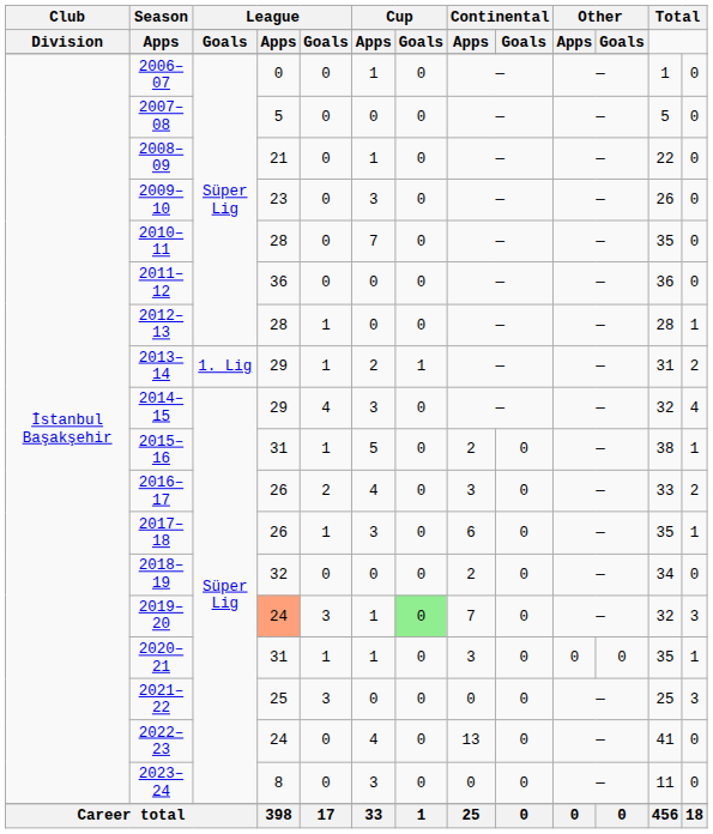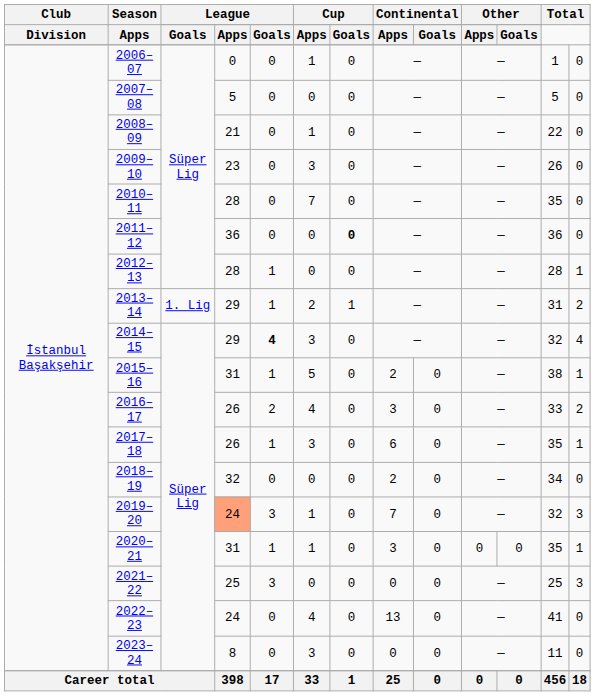 <table class="wikitable" style="text-align:center">
 <tr>
 <th rowspan="2">Club</th>
 <th rowspan="2">Season</th>
 <th colspan="3">League</th>
 <th colspan="2">Cup</th>
 <th colspan="2">Continental</th>
 <th colspan="2">Other</th>
 <th colspan="2">Total</th>
 </tr>
 <tr>
 </tr>
 <tr>
 <th>Division</th>
 <th>Apps</th>
 <th>Goals</th>
 <th>Apps</th>
 <th>Goals</th>
 <th>Apps</th>
 <th>Goals</th>
 <th>Apps</th>
 <th>Goals</th>
 <th>Apps</th>
 <th>Goals</th>
 </tr>
 <tr>
 </tr>
 <tr>
 <td rowspan="18" valign="center"><a href='#'>İstanbul Başakşehir</a></td>
 <td><a href='#'>2006–07</a></td>
 <td rowspan="7"><a href='#'>Süper Lig</a></td>
 <td>0</td>
 <td>0</td>
 <td>1</td>
 <td>0</td>
 <td colspan="2">—</td>
 <td colspan="2">—</td>
 <td>1</td>
 <td>0</td>
 </tr>
 <tr>
 <td><a href='#'>2007–08</a></td>
 <td>5</td>
 <td>0</td>
 <td>0</td>
 <td>0</td>
 <td colspan="2">—</td>
 <td colspan="2">—</td>
 <td>5</td>
 <td>0</td>
 </tr>
 <tr>
 <td><a href='#'>2008–09</a></td>
 <td>21</td>
 <td>0</td>
 <td>1</td>
 <td>0</td>
 <td colspan="2">—</td>
 <td colspan="2">—</td>
 <td>22</td>
 <td>0</td>
 </tr>
 <tr>
 <td><a href='#'>2009–10</a></td>
 <td>23</td>
 <td>0</td>
 <td>3</td>
 <td>0</td>
 <td colspan="2">—</td>
 <td colspan="2">—</td>
 <td>26</td>
 <td>0</td>
 </tr>
 <tr>
 <td><a href='#'>2010–11</a></td>
 <td>28</td>
 <td>0</td>
 <td>7</td>
 <td>0</td>
 <td colspan="2">—</td>
 <td colspan="2">—</td>
 <td>35</td>
 <td>0</td>
 </tr>
 <tr>
 <td><a href='#'>2011–12</a></td>
 <td>36</td>
 <td>0</td>
 <td>0</td>
-<td>0</td>
+<td><strong>0</strong></td>
 <td colspan="2">—</td>
 <td colspan="2">—</td>
 <td>36</td>
 <td>0</td>
 </tr>
 <tr>
 <td><a href='#'>2012–13</a></td>
 <td>28</td>
 <td>1</td>
 <td>0</td>
 <td>0</td>
 <td colspan="2">—</td>
 <td colspan="2">—</td>
 <td>28</td>
 <td>1</td>
 </tr>
 <tr>
 <td><a href='#'>2013–14</a></td>
 <td><a href='#'>1. Lig</a></td>
 <td>29</td>
 <td>1</td>
 <td>2</td>
 <td>1</td>
 <td colspan="2">—</td>
 <td colspan="2">—</td>
 <td>31</td>
 <td>2</td>
 </tr>
 <tr>
 <td><a href='#'>2014–15</a></td>
 <td rowspan="10"><a href='#'>Süper Lig</a></td>
 <td>29</td>
-<td>4</td>
+<td><strong>4</strong></td>
 <td>3</td>
 <td>0</td>
 <td colspan="2">—</td>
 <td colspan="2">—</td>
 <td>32</td>
 <td>4</td>
 </tr>
 <tr>
 <td><a href='#'>2015–16</a></td>
 <td>31</td>
 <td>1</td>
 <td>5</td>
 <td>0</td>
 <td>2</td>
 <td>0</td>
 <td colspan="2">—</td>
 <td>38</td>
 <td>1</td>
 </tr>
 <tr>
 <td><a href='#'>2016–17</a></td>
 <td>26</td>
 <td>2</td>
 <td>4</td>
 <td>0</td>
 <td>3</td>
 <td>0</td>
 <td colspan="2">—</td>
 <td>33</td>
 <td>2</td>
 </tr>
 <tr>
 <td><a href='#'>2017–18</a></td>
 <td>26</td>
 <td>1</td>
 <td>3</td>
 <td>0</td>
 <td>6</td>
 <td>0</td>
 <td colspan="2">—</td>
 <td>35</td>
 <td>1</td>
 </tr>
 <tr>
 <td><a href='#'>2018–19</a></td>
 <td>32</td>
 <td>0</td>
 <td>0</td>
 <td>0</td>
 <td>2</td>
 <td>0</td>
 <td colspan="2">—</td>
 <td>34</td>
 <td>0</td>
 </tr>
 <tr>
 <td><a href='#'>2019–20</a></td>
 <td style="background: lightsalmon;">24</td>
 <td>3</td>
 <td>1</td>
-<td style="background: lightgreen;">0</td>
+<td>0</td>
 <td>7</td>
 <td>0</td>
 <td colspan="2">—</td>
 <td>32</td>
 <td>3</td>
 </tr>
 <tr>
 <td><a href='#'>2020–21</a></td>
 <td>31</td>
 <td>1</td>
 <td>1</td>
 <td>0</td>
 <td>3</td>
 <td>0</td>
 <td>0</td>
 <td>0</td>
 <td>35</td>
 <td>1</td>
 </tr>
 <tr>
 <td><a href='#'>2021–22</a></td>
 <td>25</td>
 <td>3</td>
 <td>0</td>
 <td>0</td>
 <td>0</td>
 <td>0</td>
 <td colspan="2">—</td>
 <td>25</td>
 <td>3</td>
 </tr>
 <tr>
 <td><a href='#'>2022–23</a></td>
 <td>24</td>
 <td>0</td>
 <td>4</td>
 <td>0</td>
 <td>13</td>
 <td>0</td>
 <td colspan="2">—</td>
 <td>41</td>
 <td>0</td>
 </tr>
 <tr>
 <td><a href='#'>2023–24</a></td>
 <td>8</td>
 <td>0</td>
 <td>3</td>
 <td>0</td>
 <td>0</td>
 <td>0</td>
 <td colspan="2">—</td>
 <td>11</td>
 <td>0</td>
 </tr>
 <tr>
 </tr>
 <tr>
 <th colspan=3>Career total</th>
 <th>398</th>
 <th>17</th>
 <th>33</th>
 <th>1</th>
 <th>25</th>
 <th>0</th>
 <th>0</th>
 <th>0</th>
 <th>456</th>
 <th>18</th>
 </tr>
 </table>
